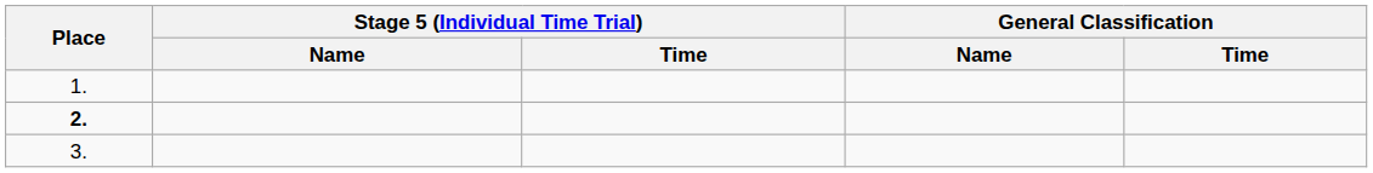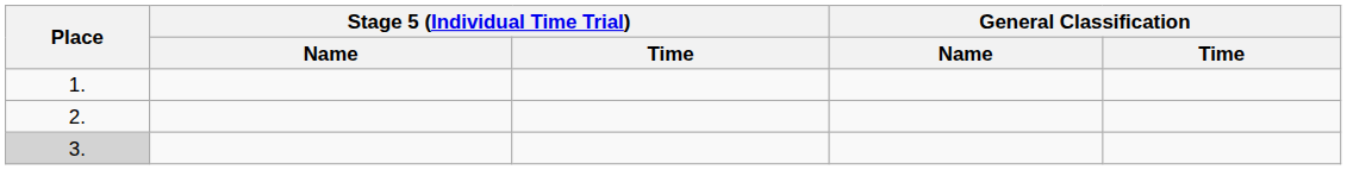 <table class=wikitable style="font-size:95%" width="80%">
 <tr>
 <th rowspan="2">Place</th>
 <th colspan="2">Stage 5 (<a href='#'>Individual Time Trial</a>)</th>
 <th colspan="2">General Classification</th>
 </tr>
 <tr>
 <th>Name</th>
 <th>Time</th>
 <th>Name</th>
 <th>Time</th>
 </tr>
 <tr>
 <td align="center">1.</td>
 <td></td>
 <td></td>
 <td></td>
 <td></td>
 </tr>
 <tr>
-<td align="center"><strong>2.</strong></td>
+<td align="center">2.</td>
 <td></td>
 <td></td>
 <td></td>
 <td></td>
 </tr>
 <tr>
-<td align="center">3.</td>
+<td align="center" style="background: lightgrey;">3.</td>
 <td></td>
 <td></td>
 <td></td>
 <td></td>
 </tr>
 </table>
